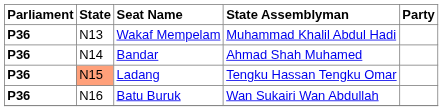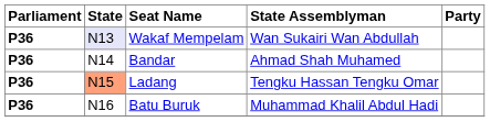 <table class="toccolours sortable" border="1" cellpadding="3" style="border-collapse:collapse; text-align: left;">
 <tr>
 <th align="center">Parliament</th>
 <th>State</th>
 <th>Seat Name</th>
 <th>State Assemblyman</th>
 <th>Party</th>
 </tr>
 <tr>
 <th align="left">P36</th>
-<td>N13</td>
+<td style="background: lavender;">N13</td>
 <td><a href='#'>Wakaf Mempelam</a></td>
-<td><a href='#'>Muhammad Khalil Abdul Hadi</a></td>
+<td><a href='#'>Wan Sukairi Wan Abdullah</a></td>
 <td></td>
 </tr>
 <tr>
 <th align="left">P36</th>
 <td>N14</td>
 <td><a href='#'>Bandar</a></td>
 <td><a href='#'>Ahmad Shah Muhamed</a></td>
 <td></td>
 </tr>
 <tr>
 <th align="left">P36</th>
 <td style="background: lightsalmon;">N15</td>
 <td><a href='#'>Ladang</a></td>
 <td><a href='#'>Tengku Hassan Tengku Omar</a></td>
 <td></td>
 </tr>
 <tr>
 <th align="left">P36</th>
 <td>N16</td>
 <td><a href='#'>Batu Buruk</a></td>
-<td><a href='#'>Wan Sukairi Wan Abdullah</a></td>
+<td><a href='#'>Muhammad Khalil Abdul Hadi</a></td>
 <td></td>
 </tr>
 <tr>
 </tr>
 </table>
